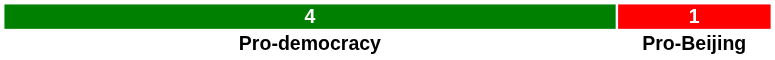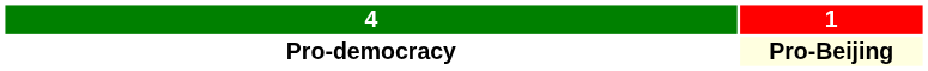 <table style="width:50%; text-align:center;">
 <tr style="color:white;">
 <td style="background:green; width:80%;"><strong>4</strong></td>
 <td style="background:red; width:20%;"><strong>1</strong></td>
 </tr>
 <tr>
 <td><span><strong>Pro-democracy</strong></span></td>
-<td><span><strong>Pro-Beijing</strong></span></td>
+<td style="background: lightyellow;"><span><strong>Pro-Beijing</strong></span></td>
 </tr>
 </table>
